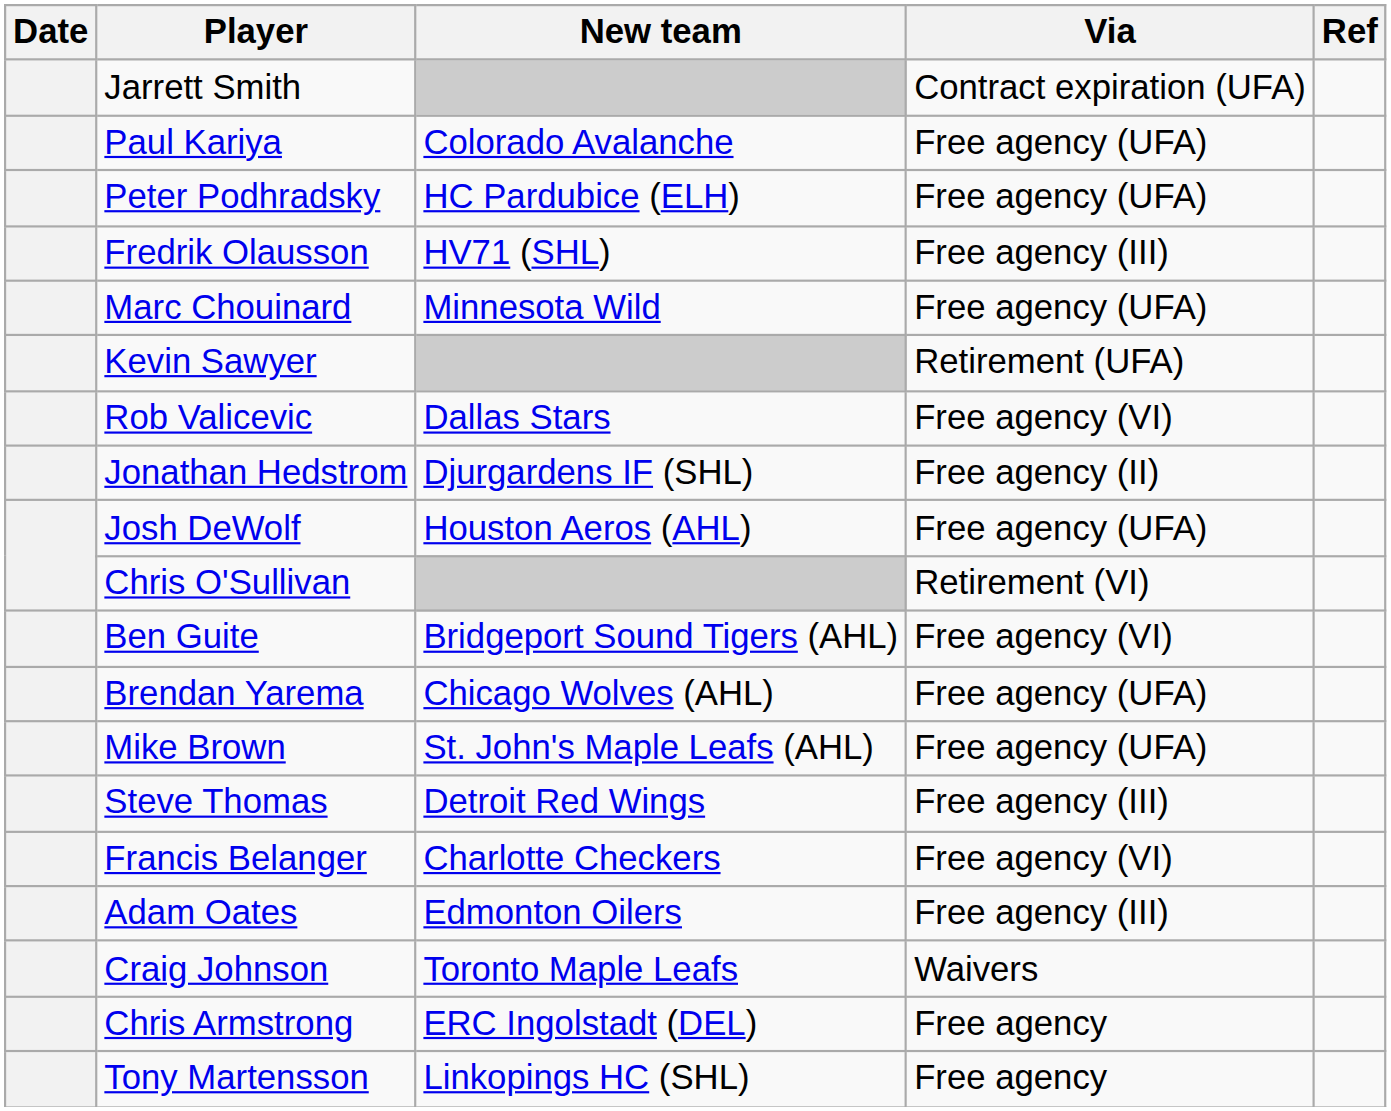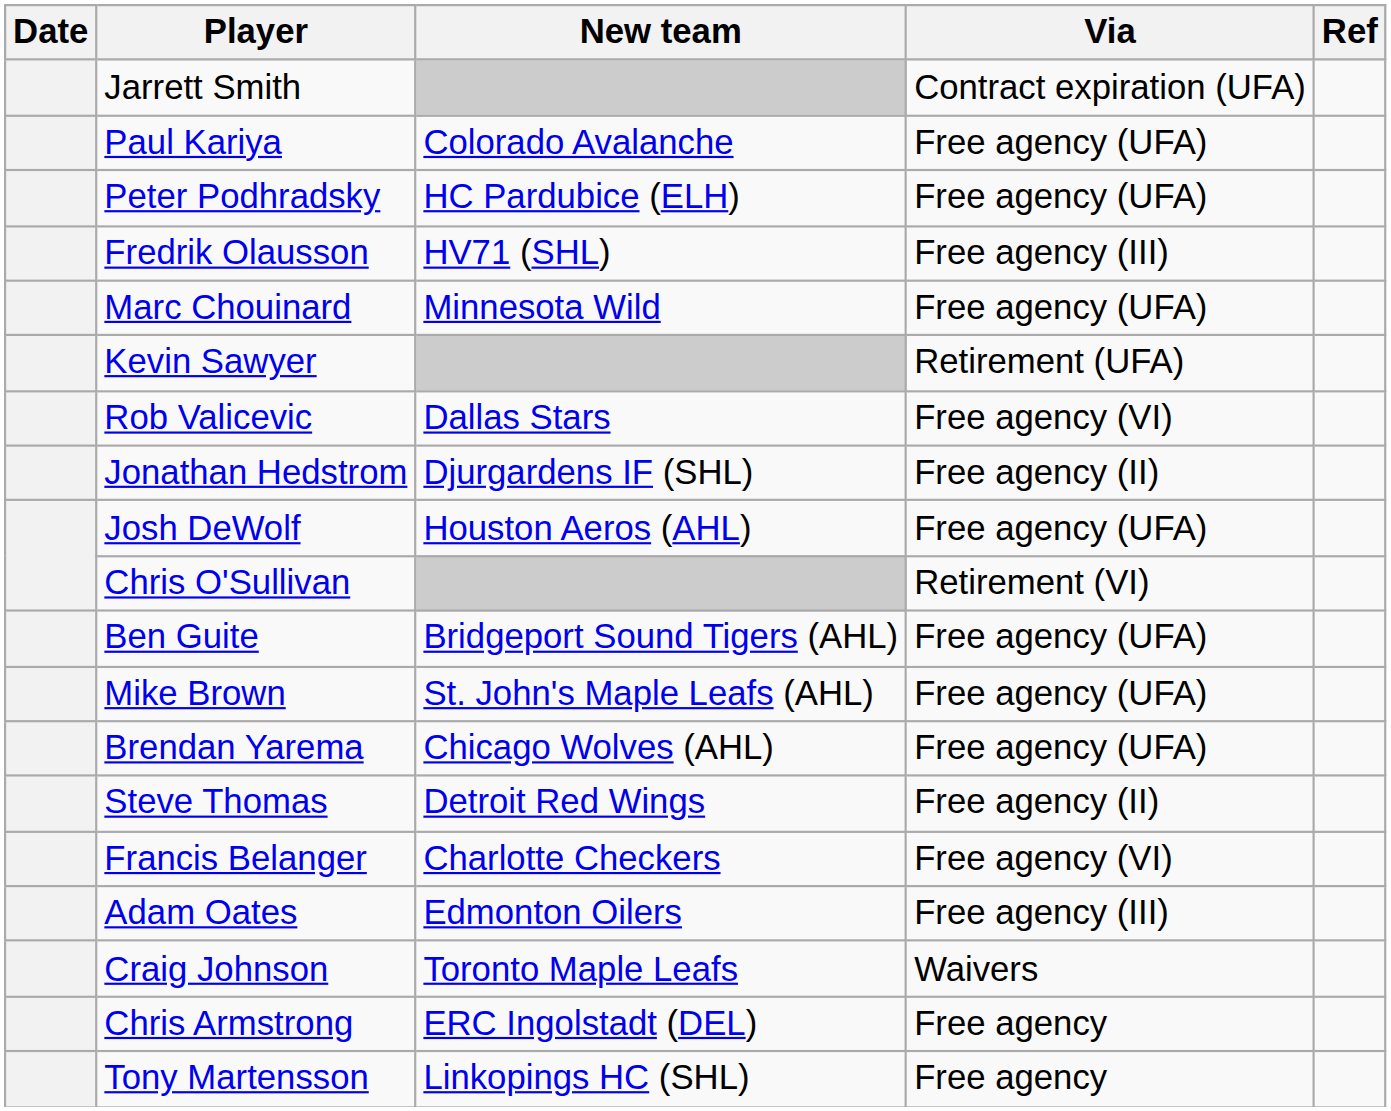 <table class="wikitable plainrowheaders">
 <tr style="background:#ddd; text-align:center;">
 <th>Date</th>
 <th>Player</th>
 <th>New team</th>
 <th>Via</th>
 <th>Ref</th>
 </tr>
 <tr>
 <th scope="row"></th>
 <td>Jarrett Smith</td>
 <td style="background:#ccc"></td>
 <td>Contract expiration (UFA)</td>
 <td></td>
 </tr>
 <tr>
 <th scope="row"></th>
 <td><a href='#'>Paul Kariya</a></td>
 <td><a href='#'>Colorado Avalanche</a></td>
 <td>Free agency (UFA)</td>
 <td></td>
 </tr>
 <tr>
 <th scope="row"></th>
 <td><a href='#'>Peter Podhradsky</a></td>
 <td><a href='#'>HC Pardubice</a> (<a href='#'>ELH</a>)</td>
 <td>Free agency (UFA)</td>
 <td></td>
 </tr>
 <tr>
 <th scope="row"></th>
 <td><a href='#'>Fredrik Olausson</a></td>
 <td><a href='#'>HV71</a> (<a href='#'>SHL</a>)</td>
 <td>Free agency (III)</td>
 <td></td>
 </tr>
 <tr>
 <th scope="row"></th>
 <td><a href='#'>Marc Chouinard</a></td>
 <td><a href='#'>Minnesota Wild</a></td>
 <td>Free agency (UFA)</td>
 <td></td>
 </tr>
 <tr>
 <th scope="row"></th>
 <td><a href='#'>Kevin Sawyer</a></td>
 <td style="background:#ccc"></td>
 <td>Retirement (UFA)</td>
 <td></td>
 </tr>
 <tr>
 <th scope="row"></th>
 <td><a href='#'>Rob Valicevic</a></td>
 <td><a href='#'>Dallas Stars</a></td>
 <td>Free agency (VI)</td>
 <td></td>
 </tr>
 <tr>
 <th scope="row"></th>
 <td><a href='#'>Jonathan Hedstrom</a></td>
 <td><a href='#'>Djurgardens IF</a> (SHL)</td>
 <td>Free agency (II)</td>
 <td></td>
 </tr>
 <tr>
 <th scope="row" rowspan=2></th>
 <td><a href='#'>Josh DeWolf</a></td>
 <td><a href='#'>Houston Aeros</a> (<a href='#'>AHL</a>)</td>
 <td>Free agency (UFA)</td>
 <td></td>
 </tr>
 <tr>
 <td><a href='#'>Chris O'Sullivan</a></td>
 <td style="background:#ccc"></td>
 <td>Retirement (VI)</td>
 <td></td>
 </tr>
 <tr>
 <th scope="row"></th>
 <td><a href='#'>Ben Guite</a></td>
 <td><a href='#'>Bridgeport Sound Tigers</a> (AHL)</td>
-<td>Free agency (VI)</td>
-<td></td>
-</tr>
-<tr>
-<th scope="row"></th>
-<td><a href='#'>Brendan Yarema</a></td>
-<td><a href='#'>Chicago Wolves</a> (AHL)</td>
 <td>Free agency (UFA)</td>
 <td></td>
 </tr>
 <tr>
 <th scope="row"></th>
 <td><a href='#'>Mike Brown</a></td>
 <td><a href='#'>St. John's Maple Leafs</a> (AHL)</td>
 <td>Free agency (UFA)</td>
 <td></td>
 </tr>
 <tr>
 <th scope="row"></th>
+<td><a href='#'>Brendan Yarema</a></td>
+<td><a href='#'>Chicago Wolves</a> (AHL)</td>
+<td>Free agency (UFA)</td>
+<td></td>
+</tr>
+<tr>
+<th scope="row"></th>
 <td><a href='#'>Steve Thomas</a></td>
 <td><a href='#'>Detroit Red Wings</a></td>
-<td>Free agency (III)</td>
+<td>Free agency (II)</td>
 <td></td>
 </tr>
 <tr>
 <th scope="row"></th>
 <td><a href='#'>Francis Belanger</a></td>
 <td><a href='#'>Charlotte Checkers</a></td>
 <td>Free agency (VI)</td>
 <td></td>
 </tr>
 <tr>
 <th scope="row"></th>
 <td><a href='#'>Adam Oates</a></td>
 <td><a href='#'>Edmonton Oilers</a></td>
 <td>Free agency (III)</td>
 <td></td>
 </tr>
 <tr>
 <th scope="row"></th>
 <td><a href='#'>Craig Johnson</a></td>
 <td><a href='#'>Toronto Maple Leafs</a></td>
 <td>Waivers</td>
 <td></td>
 </tr>
 <tr>
 <th scope="row"></th>
 <td><a href='#'>Chris Armstrong</a></td>
 <td><a href='#'>ERC Ingolstadt</a> (<a href='#'>DEL</a>)</td>
 <td>Free agency</td>
 <td></td>
 </tr>
 <tr>
 <th scope="row"></th>
 <td><a href='#'>Tony Martensson</a></td>
 <td><a href='#'>Linkopings HC</a> (SHL)</td>
 <td>Free agency</td>
 <td></td>
 </tr>
 </table>
